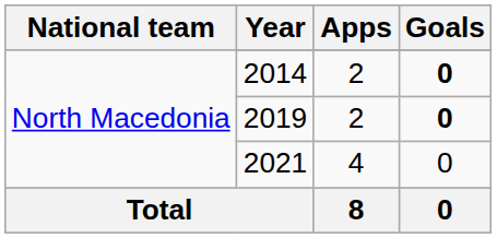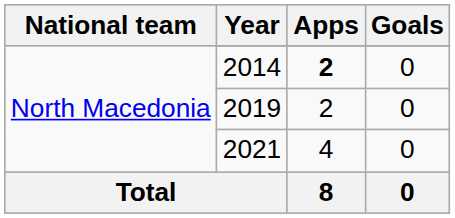 <table class="wikitable" style="text-align:center">
 <tr>
 <th>National team</th>
 <th>Year</th>
 <th>Apps</th>
 <th>Goals</th>
 </tr>
 <tr>
 <td rowspan=4><a href='#'>North Macedonia</a></td>
 </tr>
 <tr>
 <td>2014</td>
-<td>2</td>
-<td><strong>0</strong></td>
+<td><strong>2</strong></td>
+<td>0</td>
 </tr>
 <tr>
 <td>2019</td>
 <td>2</td>
-<td><strong>0</strong></td>
+<td>0</td>
 </tr>
 <tr>
 <td>2021</td>
 <td>4</td>
 <td>0</td>
 </tr>
 <tr>
 <th colspan=2>Total</th>
 <th>8</th>
 <th>0</th>
 </tr>
 </table>
